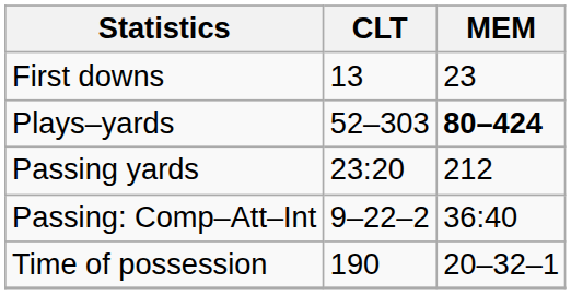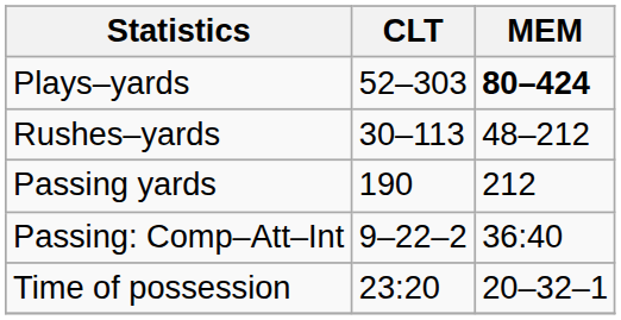 <table class="wikitable" style="float: left;">
 <tr>
 <th>Statistics</th>
 <th>CLT</th>
 <th>MEM</th>
 </tr>
 <tr>
-<td>First downs</td>
-<td>13</td>
-<td>23</td>
-</tr>
-<tr>
 <td>Plays–yards</td>
 <td>52–303</td>
 <td><strong>80–424</strong></td>
 </tr>
 <tr>
+<td>Rushes–yards</td>
+<td>30–113</td>
+<td>48–212</td>
+</tr>
+<tr>
 <td>Passing yards</td>
-<td>23:20</td>
+<td>190</td>
 <td>212</td>
 </tr>
 <tr>
 <td>Passing: Comp–Att–Int</td>
 <td>9–22–2</td>
 <td>36:40</td>
 </tr>
 <tr>
 <td>Time of possession</td>
-<td>190</td>
+<td>23:20</td>
 <td>20–32–1</td>
 </tr>
 <tr>
 </tr>
 </table>
